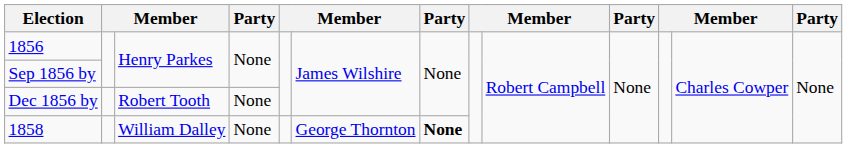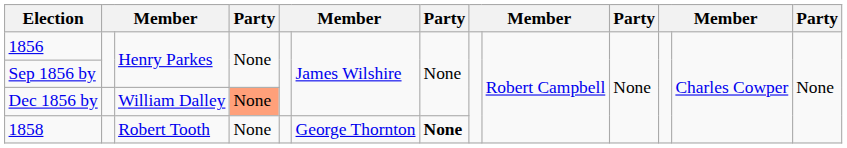 <table class="wikitable">
 <tr>
 <th>Election</th>
 <th colspan="2">Member</th>
 <th>Party</th>
 <th colspan="2">Member</th>
 <th>Party</th>
 <th colspan="2">Member</th>
 <th>Party</th>
 <th colspan="2">Member</th>
 <th>Party</th>
 </tr>
 <tr>
 <td><a href='#'>1856</a></td>
 <td rowspan="2" > </td>
 <td rowspan="2"><a href='#'>Henry Parkes</a></td>
 <td rowspan="2">None</td>
 <td rowspan="3" > </td>
 <td rowspan="3"><a href='#'>James Wilshire</a></td>
 <td rowspan="3">None</td>
 <td rowspan="4" > </td>
 <td rowspan="4"><a href='#'>Robert Campbell</a></td>
 <td rowspan="4">None</td>
 <td rowspan="4" > </td>
 <td rowspan="4"><a href='#'>Charles Cowper</a></td>
 <td rowspan="4">None</td>
 </tr>
 <tr>
 <td><a href='#'>Sep 1856 by</a></td>
 </tr>
 <tr>
 <td><a href='#'>Dec 1856 by</a></td>
 <td> </td>
-<td><a href='#'>Robert Tooth</a></td>
-<td>None</td>
+<td><a href='#'>William Dalley</a></td>
+<td style="background: lightsalmon;">None</td>
 </tr>
 <tr>
 <td><a href='#'>1858</a></td>
 <td> </td>
-<td><a href='#'>William Dalley</a></td>
+<td><a href='#'>Robert Tooth</a></td>
 <td>None</td>
 <td> </td>
 <td><a href='#'>George Thornton</a></td>
 <td><strong>None</strong></td>
 </tr>
 </table>
